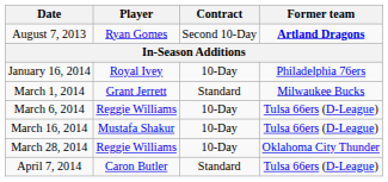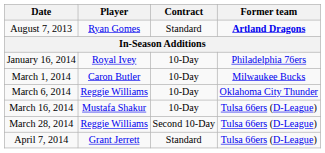 <table class="wikitable" style="text-align: center">
 <tr>
 <th>Date</th>
 <th>Player</th>
 <th>Contract</th>
 <th>Former team</th>
 </tr>
 <tr style="text-align: center">
 <td>August 7, 2013</td>
 <td><a href='#'>Ryan Gomes</a></td>
-<td>Second 10-Day</td>
+<td>Standard</td>
 <td><strong> <a href='#'>Artland Dragons</a></strong></td>
 </tr>
 <tr>
 <th scope="row" colspan="6" style="text-align:center;”">In-Season Additions</th>
 </tr>
 <tr style="text-align: center">
 <td>January 16, 2014</td>
 <td><a href='#'>Royal Ivey</a></td>
 <td>10-Day</td>
 <td><a href='#'>Philadelphia 76ers</a></td>
 </tr>
 <tr style="text-align: center">
 <td>March 1, 2014</td>
-<td><a href='#'>Grant Jerrett</a></td>
-<td>Standard</td>
+<td><a href='#'>Caron Butler</a></td>
+<td>10-Day</td>
 <td><a href='#'>Milwaukee Bucks</a></td>
 </tr>
 <tr style="text-align: center">
 <td>March 6, 2014</td>
 <td><a href='#'>Reggie Williams</a></td>
 <td>10-Day</td>
-<td><a href='#'>Tulsa 66ers</a> (<a href='#'>D-League</a>)</td>
+<td><a href='#'>Oklahoma City Thunder</a></td>
 </tr>
 <tr style="text-align: center">
 <td>March 16, 2014</td>
 <td><a href='#'>Mustafa Shakur</a></td>
 <td>10-Day</td>
 <td><a href='#'>Tulsa 66ers</a> (<a href='#'>D-League</a>)</td>
 </tr>
 <tr style="text-align: center">
 <td>March 28, 2014</td>
 <td><a href='#'>Reggie Williams</a></td>
-<td>10-Day</td>
-<td><a href='#'>Oklahoma City Thunder</a></td>
+<td>Second 10-Day</td>
+<td><a href='#'>Tulsa 66ers</a> (<a href='#'>D-League</a>)</td>
 </tr>
 <tr style="text-align: center">
 <td>April 7, 2014</td>
-<td><a href='#'>Caron Butler</a></td>
+<td><a href='#'>Grant Jerrett</a></td>
 <td>Standard</td>
 <td><a href='#'>Tulsa 66ers</a> (<a href='#'>D-League</a>)</td>
 </tr>
 </table>
